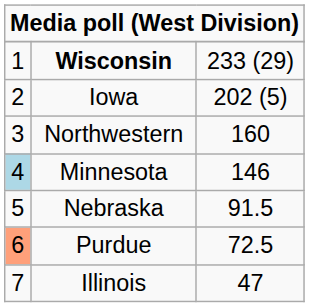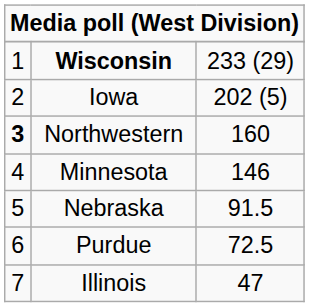 <table class="wikitable" style="display: inline-table;">
 <tr>
 <td style="text-align:center" Colspan="3"><strong>Media poll (West Division)</strong></td>
 </tr>
 <tr style="text-align:center">
 </tr>
 <tr style="text-align:center">
 <td>1</td>
 <td><strong>Wisconsin</strong></td>
 <td>233 (29)</td>
 </tr>
 <tr style="text-align:center">
 <td>2</td>
 <td>Iowa</td>
 <td>202 (5)</td>
 </tr>
 <tr style="text-align:center">
-<td>3</td>
+<td><strong>3</strong></td>
 <td>Northwestern</td>
 <td>160</td>
 </tr>
 <tr style="text-align:center">
-<td style="background: lightblue;">4</td>
+<td>4</td>
 <td>Minnesota</td>
 <td>146</td>
 </tr>
 <tr style="text-align:center">
 <td>5</td>
 <td>Nebraska</td>
 <td>91.5</td>
 </tr>
 <tr style="text-align:center">
-<td style="background: lightsalmon;">6</td>
+<td>6</td>
 <td>Purdue</td>
 <td>72.5</td>
 </tr>
 <tr style="text-align:center">
 <td>7</td>
 <td>Illinois</td>
 <td>47</td>
 </tr>
 </table>
